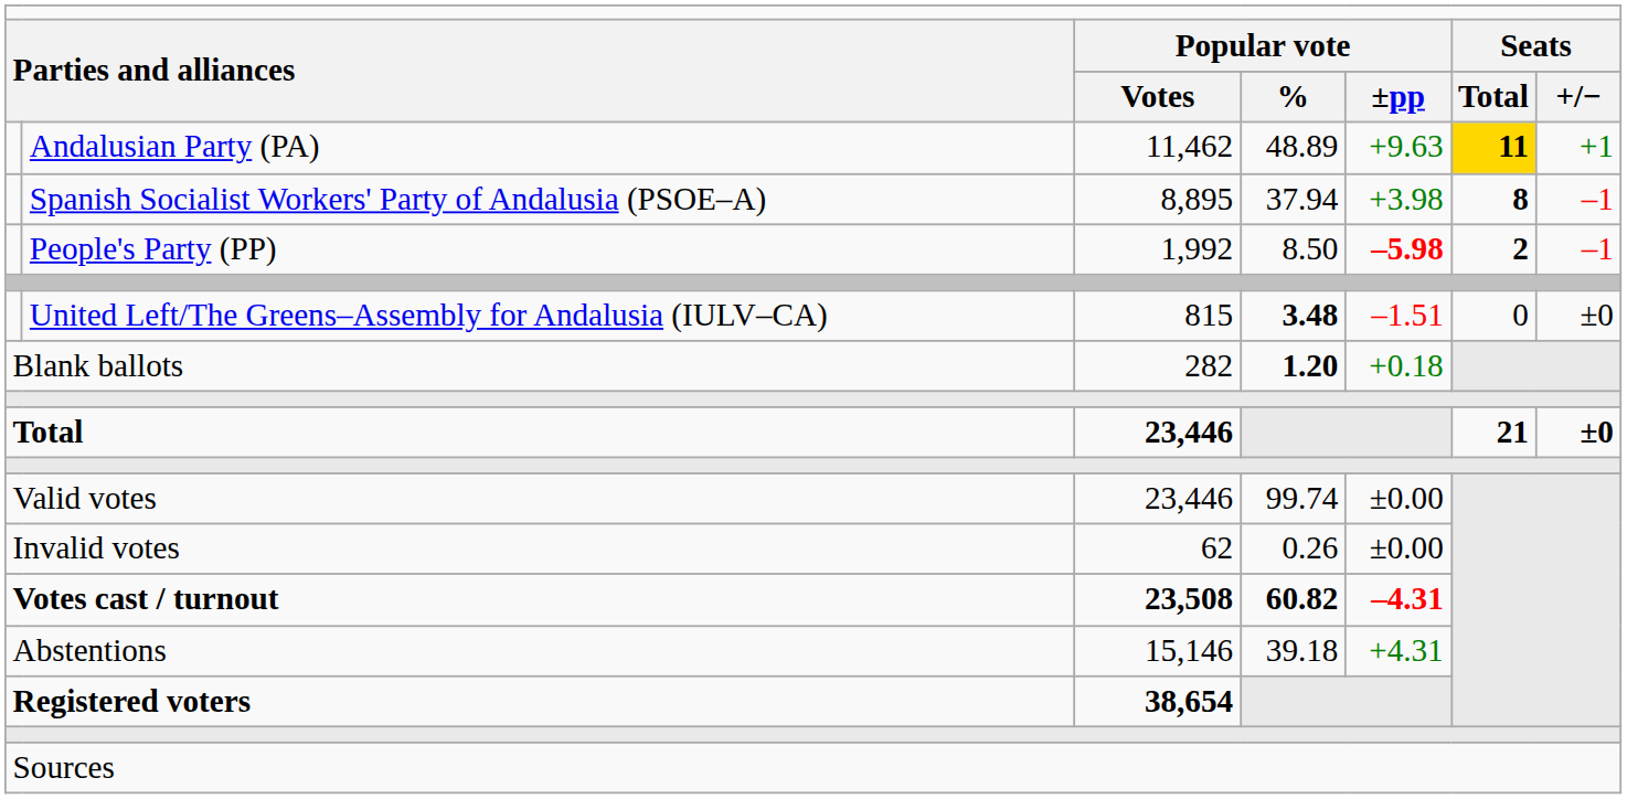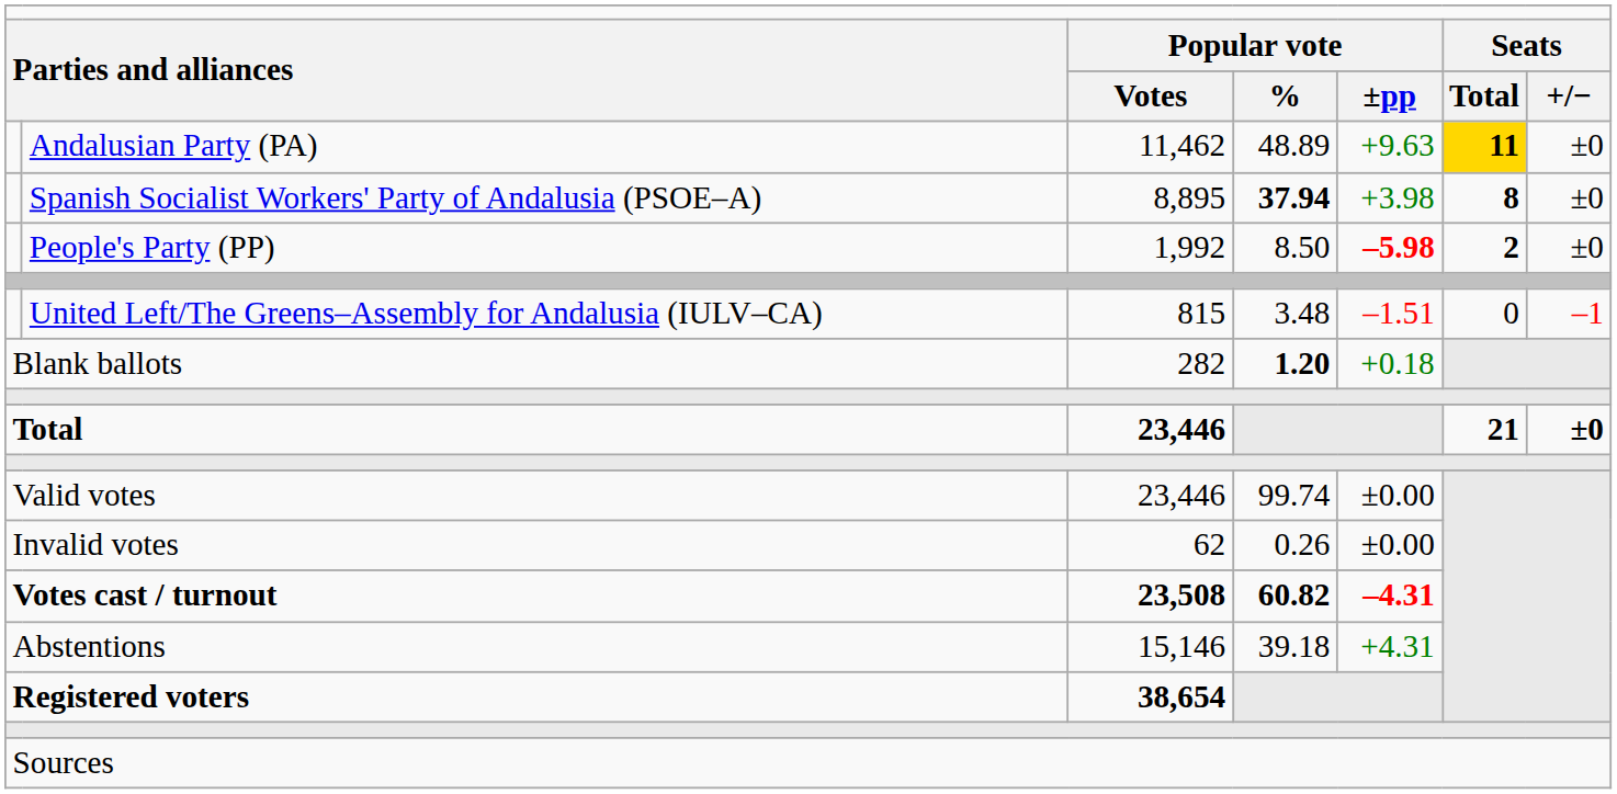 <table class="wikitable" style="text-align:right;">
 <tr>
 <td colspan="7"></td>
 </tr>
 <tr>
 <th style="text-align:left;" rowspan="2" colspan="2" width="525">Parties and alliances</th>
 <th colspan="3">Popular vote</th>
 <th colspan="2">Seats</th>
 </tr>
 <tr>
 <th width="75">Votes</th>
 <th width="45">%</th>
 <th width="45">±<a href='#'>pp</a></th>
 <th width="35">Total</th>
 <th width="35">+/−</th>
 </tr>
 <tr>
 <td width="1" style="color:inherit;background:"></td>
 <td align="left"><a href='#'>Andalusian Party</a> (PA)</td>
 <td>11,462</td>
 <td>48.89</td>
 <td style="color:green;">+9.63</td>
 <td style="background: gold;"><strong>11</strong></td>
-<td style="color:green;">+1</td>
+<td>±0</td>
 </tr>
 <tr>
 <td style="color:inherit;background:"></td>
 <td align="left"><a href='#'>Spanish Socialist Workers' Party of Andalusia</a> (PSOE–A)</td>
 <td>8,895</td>
-<td>37.94</td>
+<td><strong>37.94</strong></td>
 <td style="color:green;">+3.98</td>
 <td><strong>8</strong></td>
-<td style="color:red;">–1</td>
+<td>±0</td>
 </tr>
 <tr>
 <td style="color:inherit;background:"></td>
 <td align="left"><a href='#'>People's Party</a> (PP)</td>
 <td>1,992</td>
 <td>8.50</td>
 <td style="color:red;"><strong>–5.98</strong></td>
 <td><strong>2</strong></td>
-<td style="color:red;">–1</td>
+<td>±0</td>
 </tr>
 <tr>
 <td colspan="7" bgcolor="#C0C0C0"></td>
 </tr>
 <tr>
 <td style="color:inherit;background:"></td>
 <td align="left"><a href='#'>United Left/The Greens–Assembly for Andalusia</a> (IULV–CA)</td>
 <td>815</td>
-<td><strong>3.48</strong></td>
+<td>3.48</td>
 <td style="color:red;">–1.51</td>
 <td>0</td>
-<td>±0</td>
+<td style="color:red;">–1</td>
 </tr>
 <tr>
 <td align="left" colspan="2">Blank ballots</td>
 <td>282</td>
 <td><strong>1.20</strong></td>
 <td style="color:green;">+0.18</td>
 <td bgcolor="#E9E9E9" colspan="2"></td>
 </tr>
 <tr>
 <td colspan="7" bgcolor="#E9E9E9"></td>
 </tr>
 <tr style="font-weight:bold;">
 <td align="left" colspan="2">Total</td>
 <td>23,446</td>
 <td bgcolor="#E9E9E9" colspan="2"></td>
 <td>21</td>
 <td>±0</td>
 </tr>
 <tr>
 <td colspan="7" bgcolor="#E9E9E9"></td>
 </tr>
 <tr>
 <td align="left" colspan="2">Valid votes</td>
 <td>23,446</td>
 <td>99.74</td>
 <td>±0.00</td>
 <td bgcolor="#E9E9E9" colspan="2" rowspan="5"></td>
 </tr>
 <tr>
 <td align="left" colspan="2">Invalid votes</td>
 <td>62</td>
 <td>0.26</td>
 <td>±0.00</td>
 </tr>
 <tr style="font-weight:bold;">
 <td align="left" colspan="2">Votes cast / turnout</td>
 <td>23,508</td>
 <td>60.82</td>
 <td style="color:red;">–4.31</td>
 </tr>
 <tr>
 <td align="left" colspan="2">Abstentions</td>
 <td>15,146</td>
 <td>39.18</td>
 <td style="color:green;">+4.31</td>
 </tr>
 <tr style="font-weight:bold;">
 <td align="left" colspan="2">Registered voters</td>
 <td>38,654</td>
 <td bgcolor="#E9E9E9" colspan="2"></td>
 </tr>
 <tr>
 <td colspan="7" bgcolor="#E9E9E9"></td>
 </tr>
 <tr>
 <td align="left" colspan="7">Sources</td>
 </tr>
 </table>
